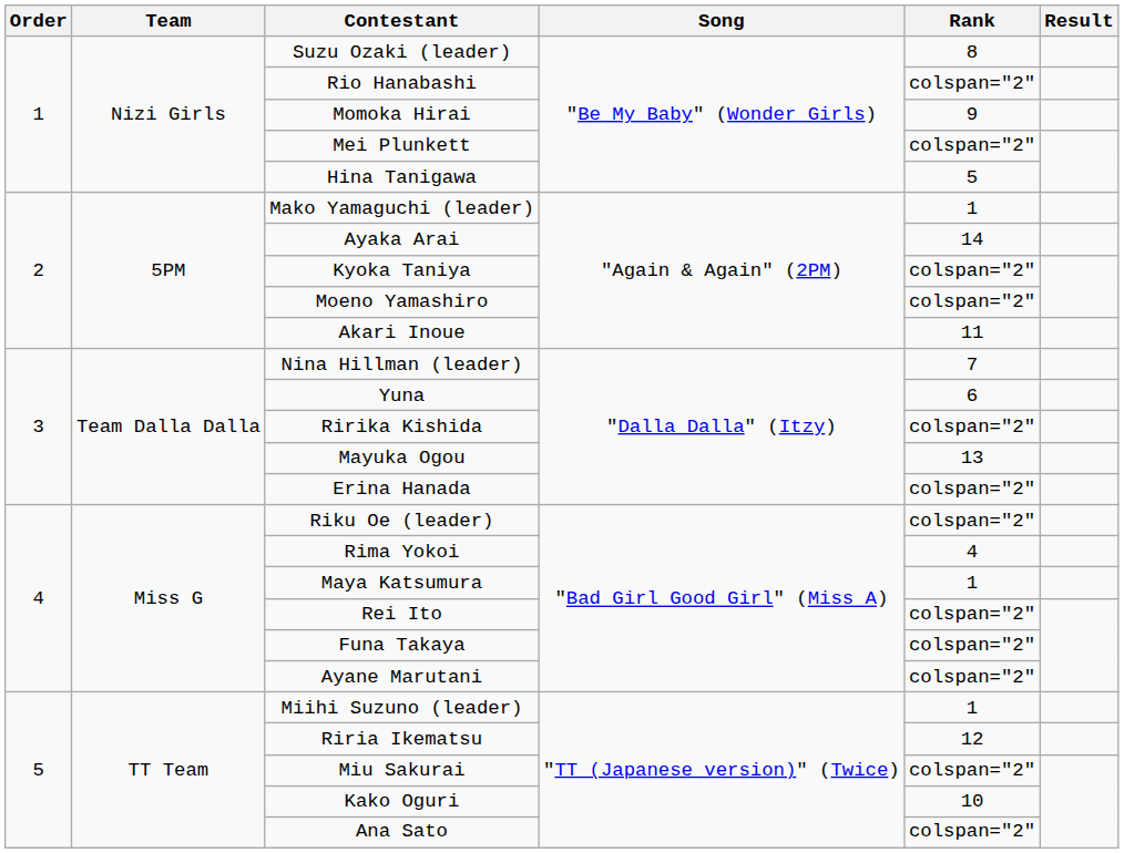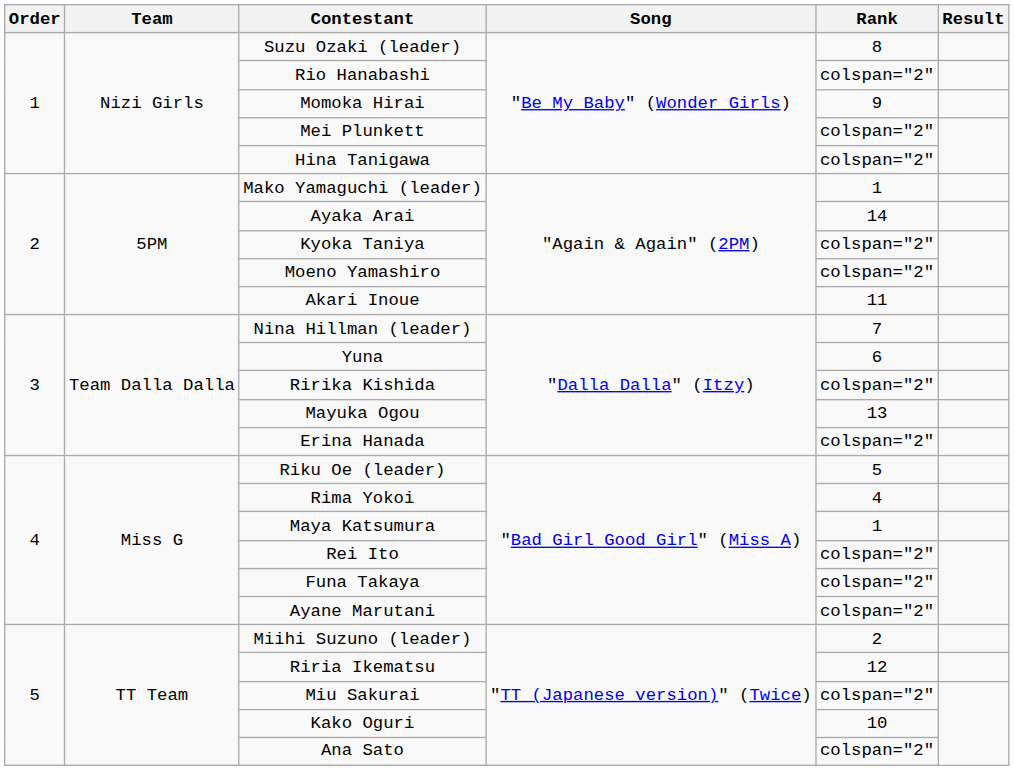 <table class="wikitable sortable" style="text-align:center;">
 <tr>
 <th>Order</th>
 <th>Team</th>
 <th>Contestant</th>
 <th>Song</th>
 <th>Rank<br></th>
 <th>Result<br></th>
 </tr>
 <tr>
 <td rowspan="5">1</td>
 <td rowspan="5">Nizi Girls</td>
 <td data-sort-value="Ozaki">Suzu Ozaki (leader)</td>
 <td rowspan="5">"<a href='#'>Be My Baby</a>" (<a href='#'>Wonder Girls</a>)</td>
 <td>8</td>
 <td></td>
 </tr>
 <tr>
 <td data-sort-value="Hanabashi">Rio Hanabashi</td>
 <td>colspan="2" </td>
 <td></td>
 </tr>
 <tr>
 <td data-sort-value="Hirai">Momoka Hirai</td>
 <td>9</td>
 <td></td>
 </tr>
 <tr>
 <td data-sort-value="Plunkett">Mei Plunkett</td>
 <td>colspan="2" </td>
 </tr>
 <tr>
 <td data-sort-value="Tanigawa">Hina Tanigawa</td>
-<td>5</td>
+<td>colspan="2" </td>
 </tr>
 <tr>
 <td rowspan="5">2</td>
 <td rowspan="5">5PM</td>
 <td data-sort-value="Yamaguchi">Mako Yamaguchi (leader)</td>
 <td rowspan="5">"Again & Again" (<a href='#'>2PM</a>)</td>
 <td>1</td>
 <td></td>
 </tr>
 <tr>
 <td data-sort-value="Arai">Ayaka Arai</td>
 <td>14</td>
 <td></td>
 </tr>
 <tr>
 <td data-sort-value="Taniya">Kyoka Taniya</td>
 <td>colspan="2" </td>
 </tr>
 <tr>
 <td data-sort-value="Yamashiro">Moeno Yamashiro</td>
 <td>colspan="2" </td>
 </tr>
 <tr>
 <td data-sort-value="Inoue">Akari Inoue</td>
 <td>11</td>
 <td></td>
 </tr>
 <tr>
 <td rowspan="5">3</td>
 <td rowspan="5">Team Dalla Dalla</td>
 <td data-sort-value="Hillman">Nina Hillman (leader)</td>
 <td rowspan="5">"<a href='#'>Dalla Dalla</a>" (<a href='#'>Itzy</a>)</td>
 <td>7</td>
 <td></td>
 </tr>
 <tr>
 <td>Yuna</td>
 <td>6</td>
 <td></td>
 </tr>
 <tr>
 <td data-sort-value="Kishida">Ririka Kishida</td>
 <td>colspan="2" </td>
 </tr>
 <tr>
 <td data-sort-value="Ogou">Mayuka Ogou</td>
 <td>13</td>
 <td></td>
 </tr>
 <tr>
 <td data-sort-value="Hanada">Erina Hanada</td>
 <td>colspan="2" </td>
 </tr>
 <tr>
 <td rowspan="6">4</td>
 <td rowspan="6">Miss G</td>
 <td data-sort-value="Oe">Riku Oe (leader)</td>
 <td rowspan="6">"<a href='#'>Bad Girl Good Girl</a>" (<a href='#'>Miss A</a>)</td>
-<td>colspan="2" </td>
+<td>5</td>
 <td></td>
 </tr>
 <tr>
 <td data-sort-value="Yokoi">Rima Yokoi</td>
 <td>4</td>
 <td></td>
 </tr>
 <tr>
 <td data-sort-value="Katsumura">Maya Katsumura</td>
 <td>1</td>
 <td></td>
 </tr>
 <tr>
 <td data-sort-value="Ito">Rei Ito</td>
 <td>colspan="2" </td>
 </tr>
 <tr>
 <td data-sort-value="Takaya">Funa Takaya</td>
 <td>colspan="2" </td>
 </tr>
 <tr>
 <td data-sort-value="Marutani">Ayane Marutani</td>
 <td>colspan="2" </td>
 </tr>
 <tr>
 <td rowspan="5">5</td>
 <td rowspan="5">TT Team</td>
 <td data-sort-value="Suzuno">Miihi Suzuno (leader)</td>
 <td rowspan="5">"<a href='#'>TT (Japanese version)</a>" (<a href='#'>Twice</a>)</td>
-<td>1</td>
+<td>2</td>
 <td></td>
 </tr>
 <tr>
 <td data-sort-value="Ikematsu">Riria Ikematsu</td>
 <td>12</td>
 <td></td>
 </tr>
 <tr>
 <td data-sort-value="Sakurai">Miu Sakurai</td>
 <td>colspan="2" </td>
 </tr>
 <tr>
 <td data-sort-value="Oguri">Kako Oguri</td>
 <td>10</td>
 </tr>
 <tr>
 <td data-sort-value="Sato">Ana Sato</td>
 <td>colspan="2" </td>
 </tr>
 <tr>
 </tr>
 </table>
